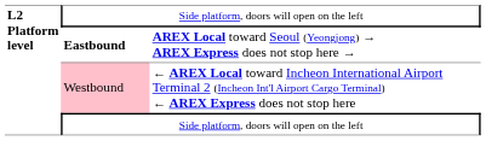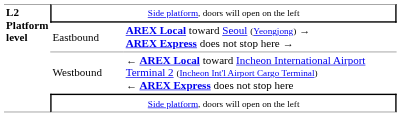 <table table border=0 cellspacing=0 cellpadding=3>
 <tr>
 <td style="border-top:solid 1px gray;border-bottom:solid 1px gray;" width=50 rowspan=10 valign=top><strong>L2<br>Platform level</strong></td>
 <td style="border-top:solid 1px gray;border-right:solid 2px black;border-left:solid 2px black;border-bottom:solid 2px black;text-align:center;" colspan=2><small><a href='#'>Side platform</a>, doors will open on the left </small></td>
 </tr>
 <tr>
-<td><strong>Eastbound</strong></td>
+<td>Eastbound</td>
 <td> <a href='#'><span><strong>AREX Local</strong></span></a> toward <a href='#'>Seoul</a> <small>(<a href='#'>Yeongjong</a>)</small> →<br> <a href='#'><span><strong>AREX Express</strong></span></a> does not stop here →</td>
 </tr>
 <tr>
-<td style="background: pink; border-bottom:solid 0px gray;border-top:solid 1px gray;" width=100>Westbound</td>
+<td style="border-bottom:solid 0px gray;border-top:solid 1px gray;" width=100>Westbound</td>
 <td style="border-bottom:solid 0px gray;border-top:solid 1px gray;" width=390>← <a href='#'><span><strong>AREX Local</strong></span></a> toward <a href='#'>Incheon International Airport Terminal 2</a> <small>(<a href='#'>Incheon Int'l Airport Cargo Terminal</a>)</small><br>← <a href='#'><span><strong>AREX Express</strong></span></a> does not stop here</td>
 </tr>
 <tr>
 <td style="border-top:solid 2px black;border-right:solid 2px black;border-left:solid 2px black;border-bottom:solid 1px gray;text-align:center;" colspan=2><small><a href='#'>Side platform</a>, doors will open on the left </small></td>
 </tr>
 </table>
